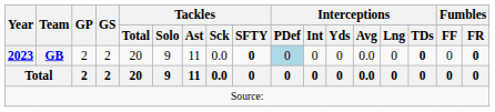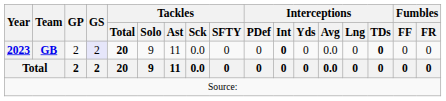 <table class="wikitable" style="text-align: center;">
 <tr>
 <th rowspan=2>Year</th>
 <th rowspan=2>Team</th>
 <th rowspan=2>GP</th>
 <th rowspan=2>GS</th>
 <th colspan=5>Tackles</th>
 <th colspan=6>Interceptions</th>
 <th colspan=2>Fumbles</th>
 </tr>
 <tr>
 <th>Total</th>
 <th>Solo</th>
 <th>Ast</th>
 <th>Sck</th>
 <th>SFTY</th>
 <th>PDef</th>
 <th>Int</th>
 <th>Yds</th>
 <th>Avg</th>
 <th>Lng</th>
 <th>TDs</th>
 <th>FF</th>
 <th>FR</th>
 </tr>
 <tr>
 <th><a href='#'>2023</a></th>
 <th><a href='#'>GB</a></th>
 <td>2</td>
-<td>2</td>
-<td>20</td>
+<td style="background: lavender;">2</td>
+<td><strong>20</strong></td>
 <td>9</td>
 <td>11</td>
 <td>0.0</td>
+<td>0</td>
+<td>0</td>
 <td><strong>0</strong></td>
-<td style="background: lightblue;">0</td>
-<td>0</td>
 <td>0</td>
 <td>0.0</td>
 <td>0</td>
 <td><strong>0</strong></td>
 <td>0</td>
-<td><strong>0</strong></td>
+<td>0</td>
 </tr>
 <tr>
 <th colspan="2">Total</th>
 <th>2</th>
 <th>2</th>
 <th>20</th>
 <th>9</th>
 <th>11</th>
 <th>0.0</th>
 <th>0</th>
 <th>0</th>
 <th>0</th>
 <th>0</th>
 <th>0.0</th>
 <th>0</th>
 <th>0</th>
 <th>0</th>
 <th>0</th>
 </tr>
 <tr>
 <td colspan="17"><small>Source: </small></td>
 </tr>
 </table>
